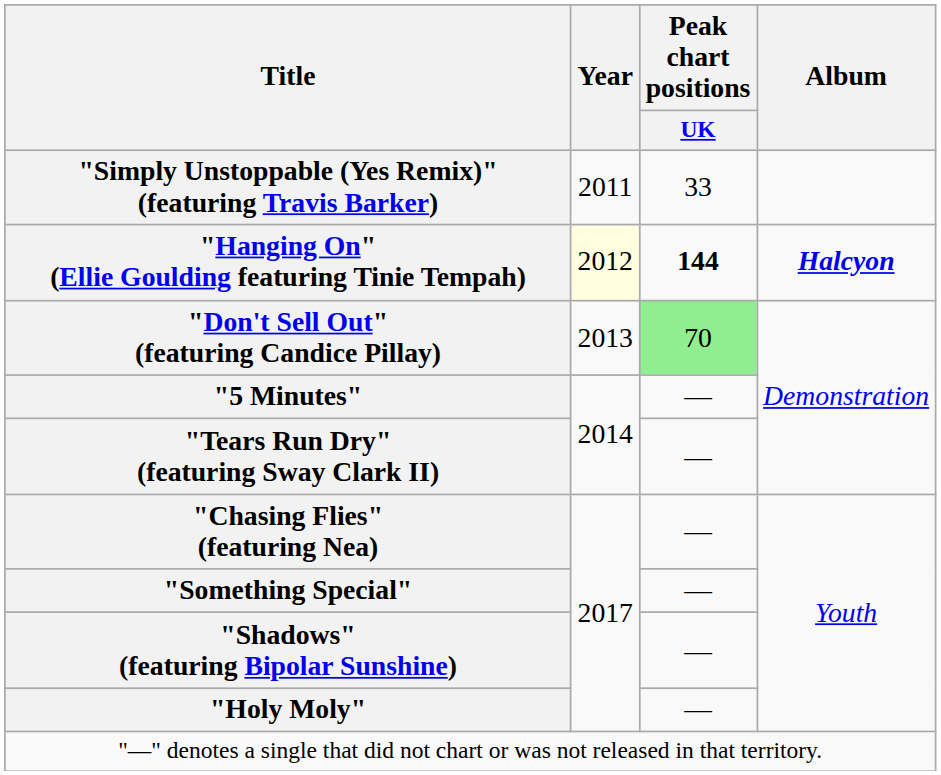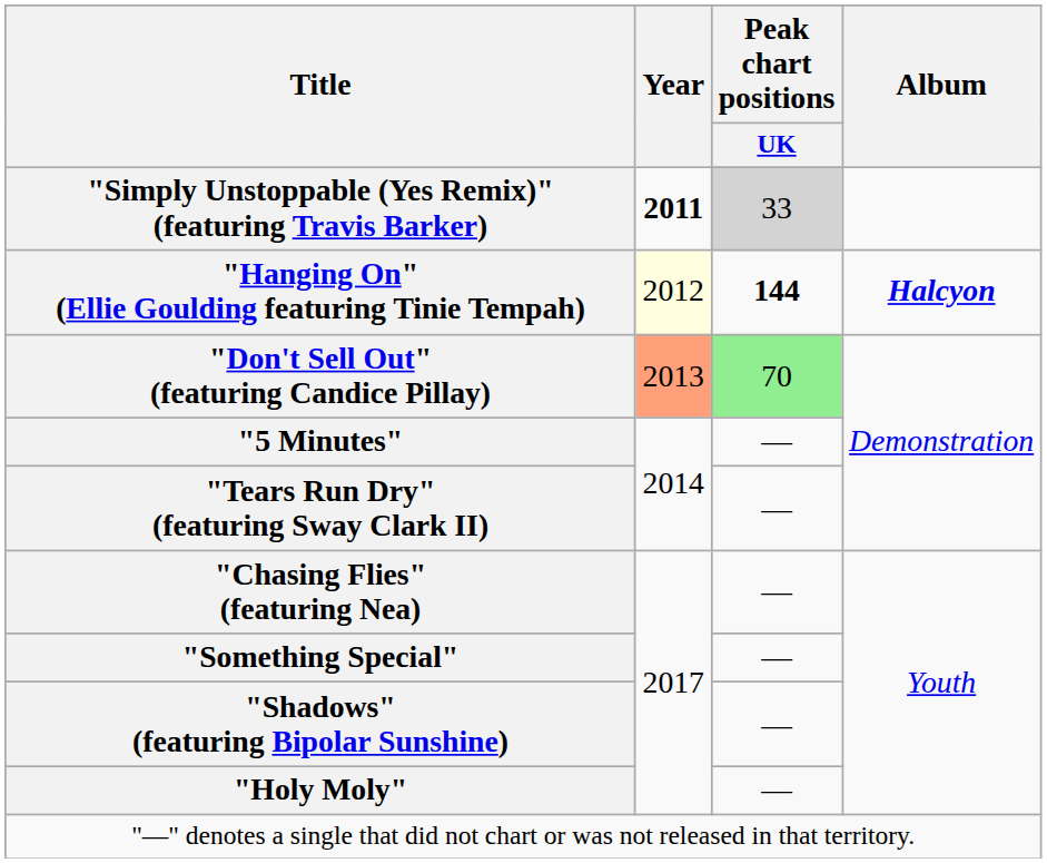 <table class="wikitable plainrowheaders" style="text-align:center;">
 <tr>
 <th scope="col" rowspan="2" style="width:20em;">Title</th>
 <th scope="col" rowspan="2" style="width:1em;">Year</th>
 <th scope="col">Peak chart positions</th>
 <th scope="col" rowspan="2">Album</th>
 </tr>
 <tr>
 <th scope="col" style="width:3em;font-size:85%;"><a href='#'>UK</a></th>
 </tr>
 <tr>
 <th scope="row">"Simply Unstoppable (Yes Remix)"<br><span>(featuring <a href='#'>Travis Barker</a>)</span></th>
-<td>2011</td>
-<td>33</td>
+<td><strong>2011</strong></td>
+<td style="background: lightgrey;">33</td>
 <td></td>
 </tr>
 <tr>
 <th scope="row">"<a href='#'>Hanging On</a>"<br><span>(<a href='#'>Ellie Goulding</a> featuring Tinie Tempah)</span></th>
 <td style="background: lightyellow;">2012</td>
 <td><strong>144</strong></td>
 <td><strong><em><a href='#'>Halcyon</a></em></strong></td>
 </tr>
 <tr>
 <th scope="row">"<a href='#'>Don't Sell Out</a>"<br><span>(featuring Candice Pillay)</span></th>
-<td>2013</td>
+<td style="background: lightsalmon;">2013</td>
 <td style="background: lightgreen;">70</td>
 <td rowspan="3"><em><a href='#'>Demonstration</a></em></td>
 </tr>
 <tr>
 <th scope="row">"5 Minutes"</th>
 <td rowspan="2">2014</td>
 <td>—</td>
 </tr>
 <tr>
 <th scope="row">"Tears Run Dry"<br><span>(featuring Sway Clark II)</span></th>
 <td>—</td>
 </tr>
 <tr>
 <th scope="row">"Chasing Flies"<br><span>(featuring Nea)</span></th>
 <td rowspan="4">2017</td>
 <td>—</td>
 <td rowspan="4"><em><a href='#'>Youth</a></em></td>
 </tr>
 <tr>
 <th scope="row">"Something Special"</th>
 <td>—</td>
 </tr>
 <tr>
 <th scope="row">"Shadows"<br><span>(featuring <a href='#'>Bipolar Sunshine</a>)</span></th>
 <td>—</td>
 </tr>
 <tr>
 <th scope="row">"Holy Moly"</th>
 <td>—</td>
 </tr>
 <tr>
 <td colspan="17" style="font-size:85%">"—" denotes a single that did not chart or was not released in that territory.</td>
 </tr>
 </table>
